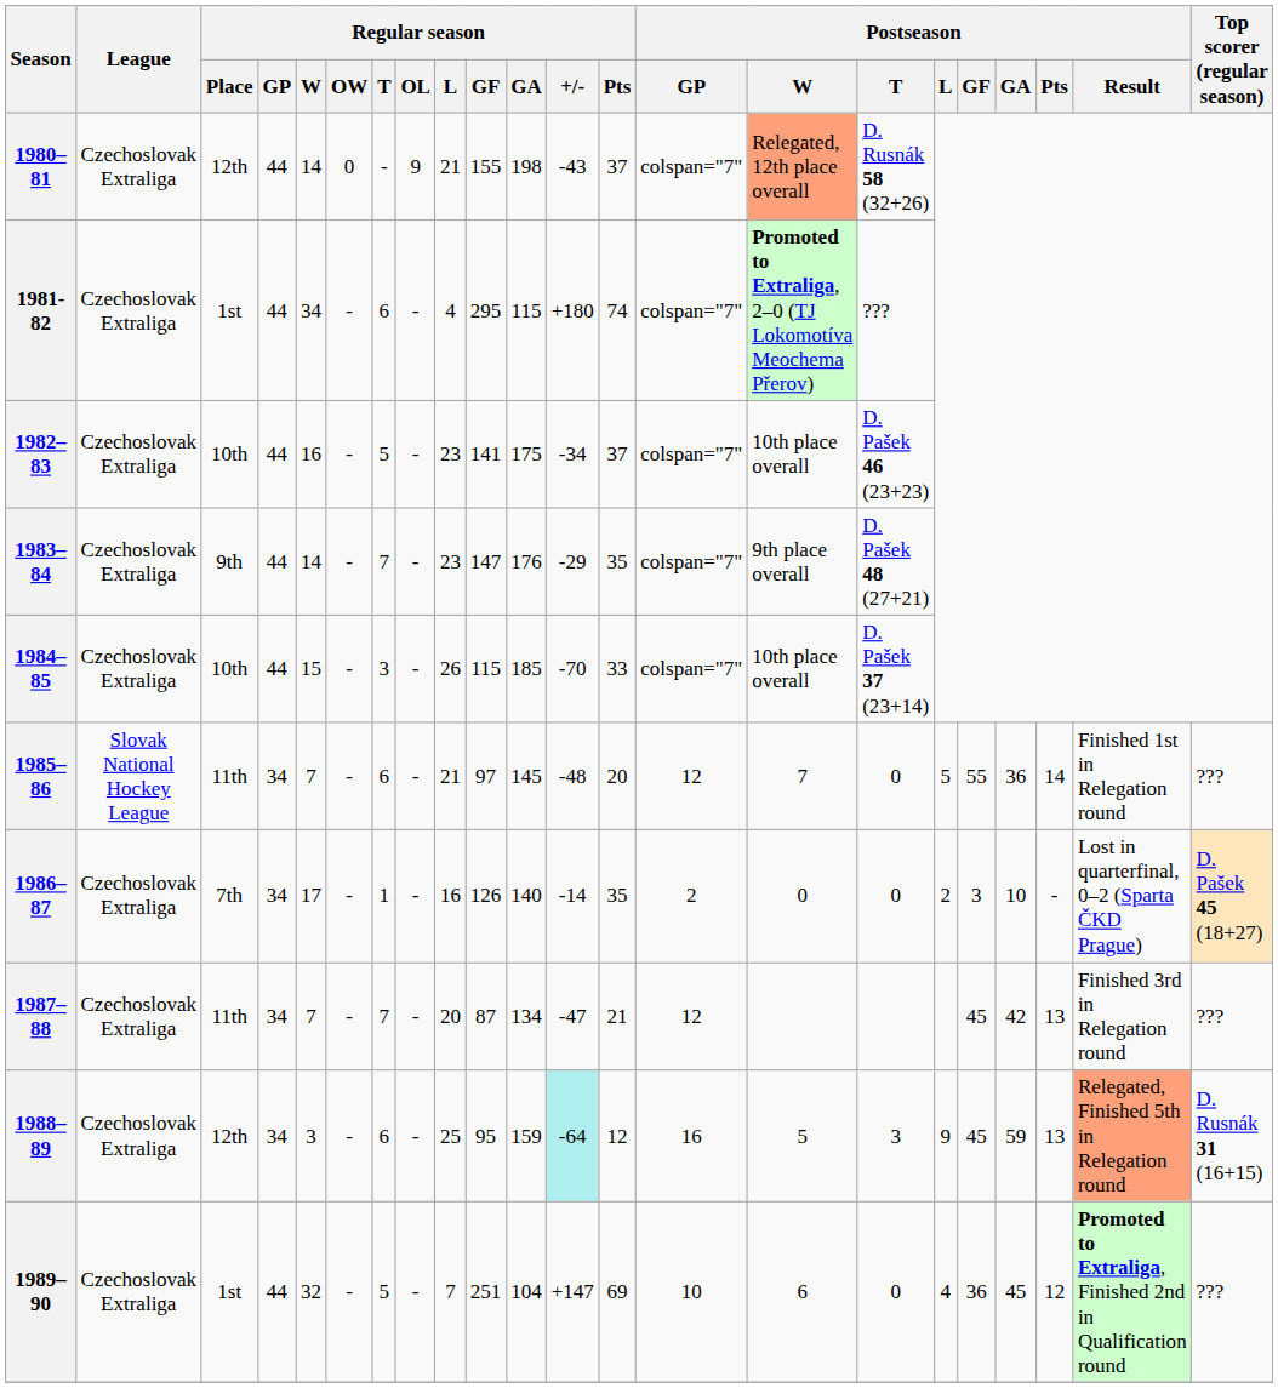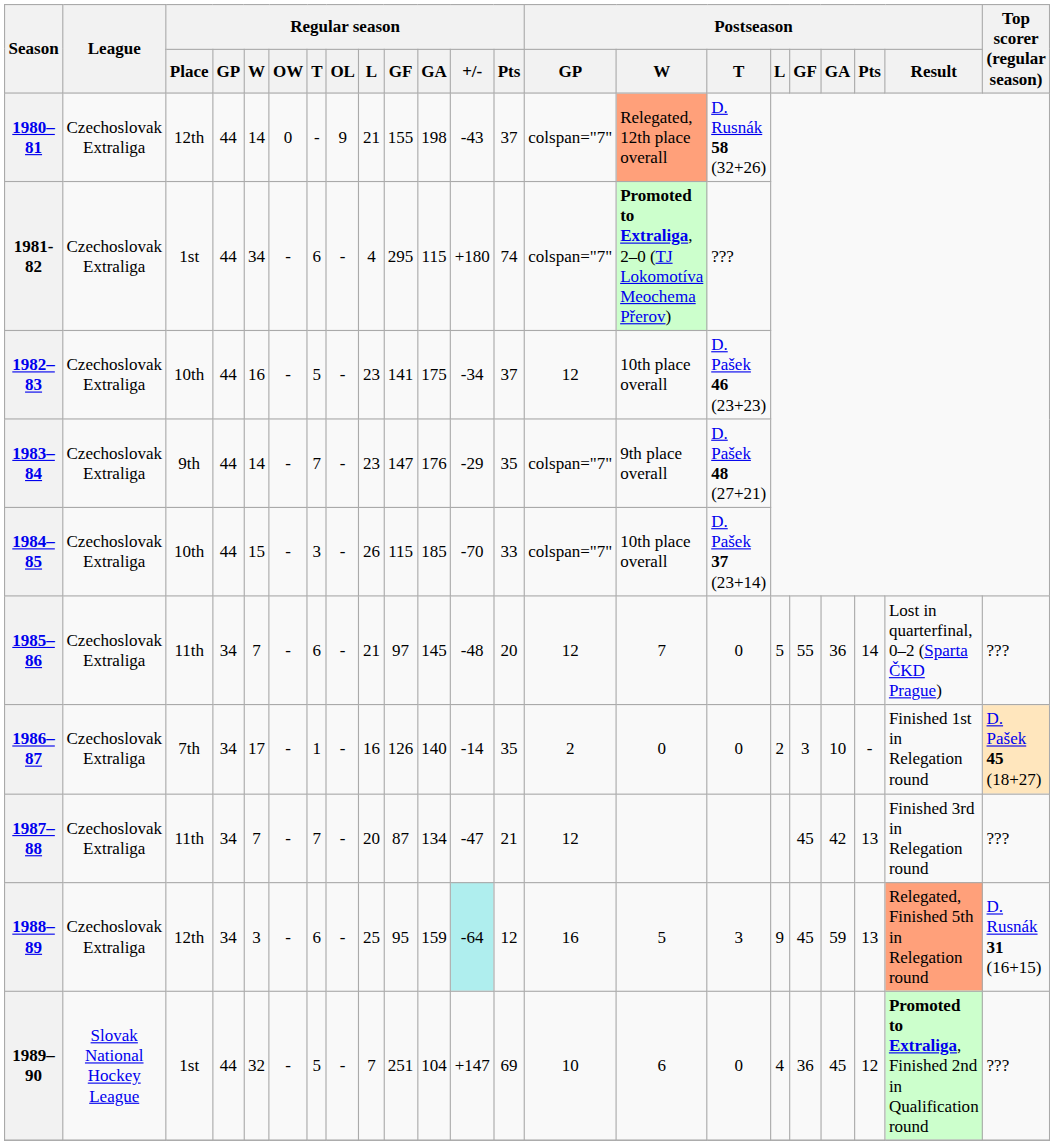 <table class="wikitable collapsible" style="text-align: center; font-size: 95%">
 <tr>
 <th rowspan="2">Season</th>
 <th rowspan="2">League</th>
 <th colspan="11">Regular season</th>
 <th colspan="8">Postseason</th>
 <th rowspan="2">Top scorer (regular season)</th>
 </tr>
 <tr>
 <th>Place</th>
 <th>GP</th>
 <th>W</th>
 <th>OW</th>
 <th>T</th>
 <th>OL</th>
 <th>L</th>
 <th>GF</th>
 <th>GA</th>
 <th>+/-</th>
 <th>Pts</th>
 <th>GP</th>
 <th>W</th>
 <th>T</th>
 <th>L</th>
 <th>GF</th>
 <th>GA</th>
 <th>Pts</th>
 <th>Result</th>
 </tr>
 <tr>
 <th><a href='#'>1980–81</a></th>
 <td>Czechoslovak Extraliga</td>
 <td>12th</td>
 <td>44</td>
 <td>14</td>
 <td>0</td>
 <td>-</td>
 <td>9</td>
 <td>21</td>
 <td>155</td>
 <td>198</td>
 <td>-43</td>
 <td>37</td>
 <td>colspan="7" </td>
 <td align=left bgcolor="FFA07A">Relegated, 12th place overall</td>
 <td align=left>  <a href='#'>D. Rusnák</a> <strong>58</strong> (32+26)</td>
 </tr>
 <tr>
 <th>1981-82</th>
 <td>Czechoslovak Extraliga</td>
 <td>1st</td>
 <td>44</td>
 <td>34</td>
 <td>-</td>
 <td>6</td>
 <td>-</td>
 <td>4</td>
 <td>295</td>
 <td>115</td>
 <td>+180</td>
 <td>74</td>
 <td>colspan="7" </td>
 <td align=left bgcolor="ccffcc"><strong>Promoted to <a href='#'>Extraliga</a></strong>, 2–0 (<a href='#'>TJ Lokomotíva Meochema Přerov</a>)</td>
 <td align=left>???</td>
 </tr>
 <tr>
 <th><a href='#'>1982–83</a></th>
 <td>Czechoslovak Extraliga</td>
 <td>10th</td>
 <td>44</td>
 <td>16</td>
 <td>-</td>
 <td>5</td>
 <td>-</td>
 <td>23</td>
 <td>141</td>
 <td>175</td>
 <td>-34</td>
 <td>37</td>
-<td>colspan="7" </td>
+<td>12</td>
 <td align=left>10th place overall</td>
 <td align=left> <a href='#'>D. Pašek</a> <strong>46</strong> (23+23)</td>
 </tr>
 <tr>
 <th><a href='#'>1983–84</a></th>
 <td>Czechoslovak Extraliga</td>
 <td>9th</td>
 <td>44</td>
 <td>14</td>
 <td>-</td>
 <td>7</td>
 <td>-</td>
 <td>23</td>
 <td>147</td>
 <td>176</td>
 <td>-29</td>
 <td>35</td>
 <td>colspan="7" </td>
 <td align=left>9th place overall</td>
 <td align=left> <a href='#'>D. Pašek</a> <strong>48</strong> (27+21)</td>
 </tr>
 <tr>
 <th><a href='#'>1984–85</a></th>
 <td>Czechoslovak Extraliga</td>
 <td>10th</td>
 <td>44</td>
 <td>15</td>
 <td>-</td>
 <td>3</td>
 <td>-</td>
 <td>26</td>
 <td>115</td>
 <td>185</td>
 <td>-70</td>
 <td>33</td>
 <td>colspan="7" </td>
 <td align=left>10th place overall</td>
 <td align=left> <a href='#'>D. Pašek</a> <strong>37</strong> (23+14)</td>
 </tr>
 <tr>
 <th><a href='#'>1985–86</a></th>
-<td><a href='#'>Slovak National Hockey League</a></td>
+<td>Czechoslovak Extraliga</td>
 <td>11th</td>
 <td>34</td>
 <td>7</td>
 <td>-</td>
 <td>6</td>
 <td>-</td>
 <td>21</td>
 <td>97</td>
 <td>145</td>
 <td>-48</td>
 <td>20</td>
 <td>12</td>
 <td>7</td>
 <td>0</td>
 <td>5</td>
 <td>55</td>
 <td>36</td>
 <td>14</td>
-<td align=left>Finished 1st in Relegation round</td>
+<td align=left>Lost in quarterfinal, 0–2 (<a href='#'>Sparta ČKD Prague</a>)</td>
 <td align=left>???</td>
 </tr>
 <tr>
 <th><a href='#'>1986–87</a></th>
 <td>Czechoslovak Extraliga</td>
 <td>7th</td>
 <td>34</td>
 <td>17</td>
 <td>-</td>
 <td>1</td>
 <td>-</td>
 <td>16</td>
 <td>126</td>
 <td>140</td>
 <td>-14</td>
 <td>35</td>
 <td>2</td>
 <td>0</td>
 <td>0</td>
 <td>2</td>
 <td>3</td>
 <td>10</td>
 <td>-</td>
-<td align=left>Lost in quarterfinal, 0–2 (<a href='#'>Sparta ČKD Prague</a>)</td>
+<td align=left>Finished 1st in Relegation round</td>
 <td align=left bgcolor="FFE6BD"> <a href='#'>D. Pašek</a> <strong>45</strong> (18+27)</td>
 </tr>
 <tr>
 <th><a href='#'>1987–88</a></th>
 <td>Czechoslovak Extraliga</td>
 <td>11th</td>
 <td>34</td>
 <td>7</td>
 <td>-</td>
 <td>7</td>
 <td>-</td>
 <td>20</td>
 <td>87</td>
 <td>134</td>
 <td>-47</td>
 <td>21</td>
 <td>12</td>
 <td></td>
 <td></td>
 <td></td>
 <td>45</td>
 <td>42</td>
 <td>13</td>
 <td align=left>Finished 3rd in Relegation round</td>
 <td align=left>???</td>
 </tr>
 <tr>
 <th><a href='#'>1988–89</a></th>
 <td>Czechoslovak Extraliga</td>
 <td>12th</td>
 <td>34</td>
 <td>3</td>
 <td>-</td>
 <td>6</td>
 <td>-</td>
 <td>25</td>
 <td>95</td>
 <td>159</td>
 <td style="background: paleturquoise;">-64</td>
 <td>12</td>
 <td>16</td>
 <td>5</td>
 <td>3</td>
 <td>9</td>
 <td>45</td>
 <td>59</td>
 <td>13</td>
 <td align=left bgcolor="FFA07A">Relegated, Finished 5th in Relegation round</td>
 <td align=left>  <a href='#'>D. Rusnák</a> <strong>31</strong> (16+15)</td>
 </tr>
 <tr>
 <th>1989–90</th>
-<td>Czechoslovak Extraliga</td>
+<td><a href='#'>Slovak National Hockey League</a></td>
 <td>1st</td>
 <td>44</td>
 <td>32</td>
 <td>-</td>
 <td>5</td>
 <td>-</td>
 <td>7</td>
 <td>251</td>
 <td>104</td>
 <td>+147</td>
 <td>69</td>
 <td>10</td>
 <td>6</td>
 <td>0</td>
 <td>4</td>
 <td>36</td>
 <td>45</td>
 <td>12</td>
 <td align=left bgcolor=ccffcc><strong>Promoted to <a href='#'>Extraliga</a></strong>, Finished 2nd in Qualification round</td>
 <td align=left>???</td>
 </tr>
 <tr>
 </tr>
 </table>
